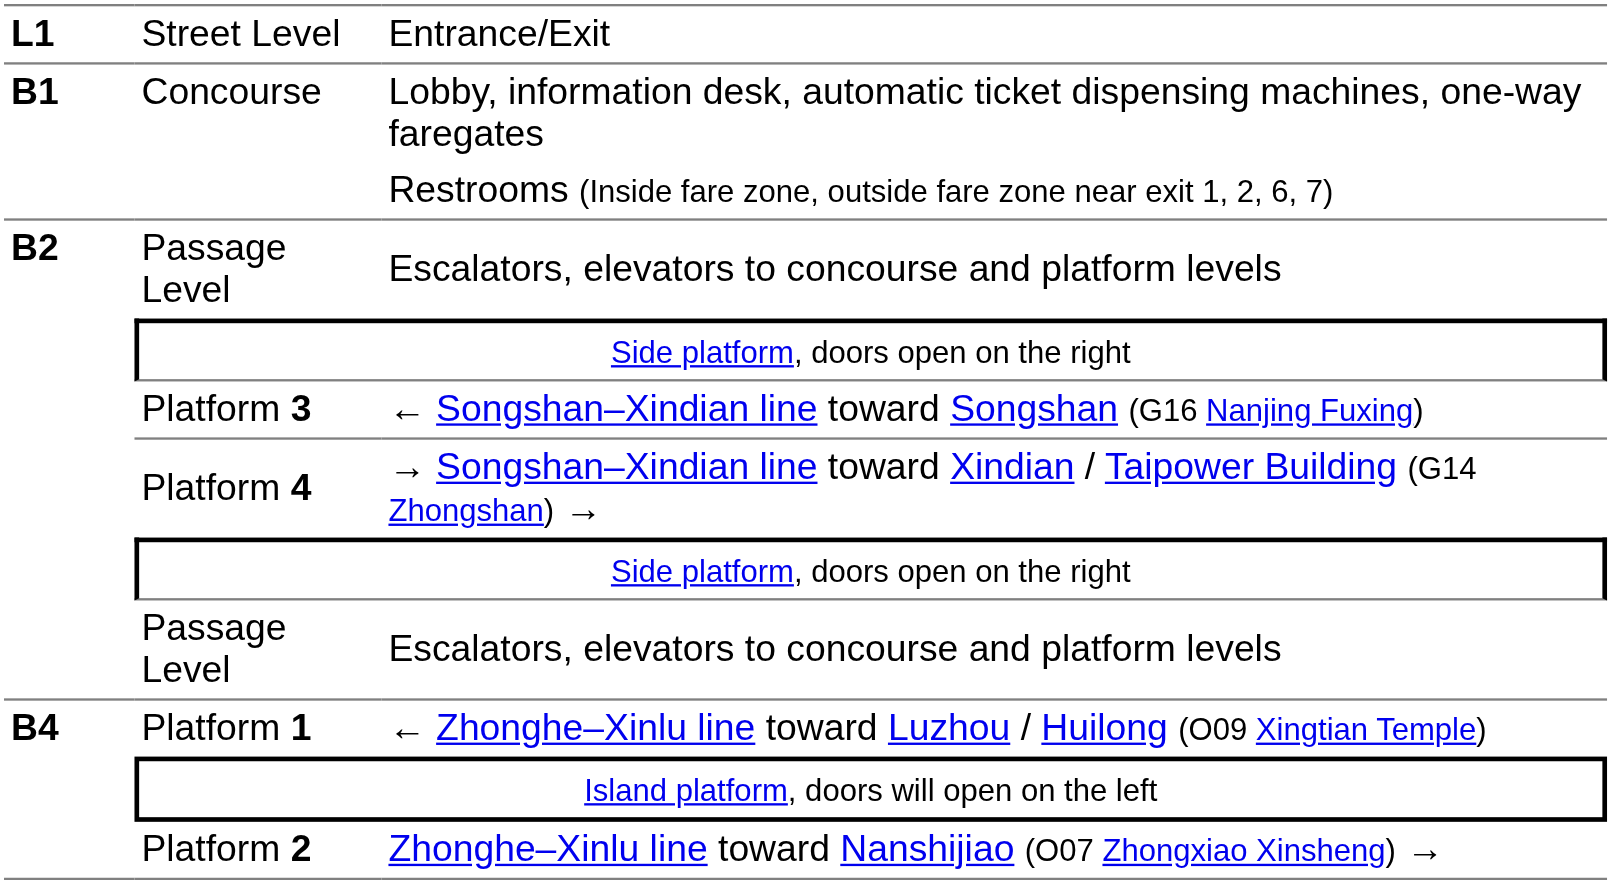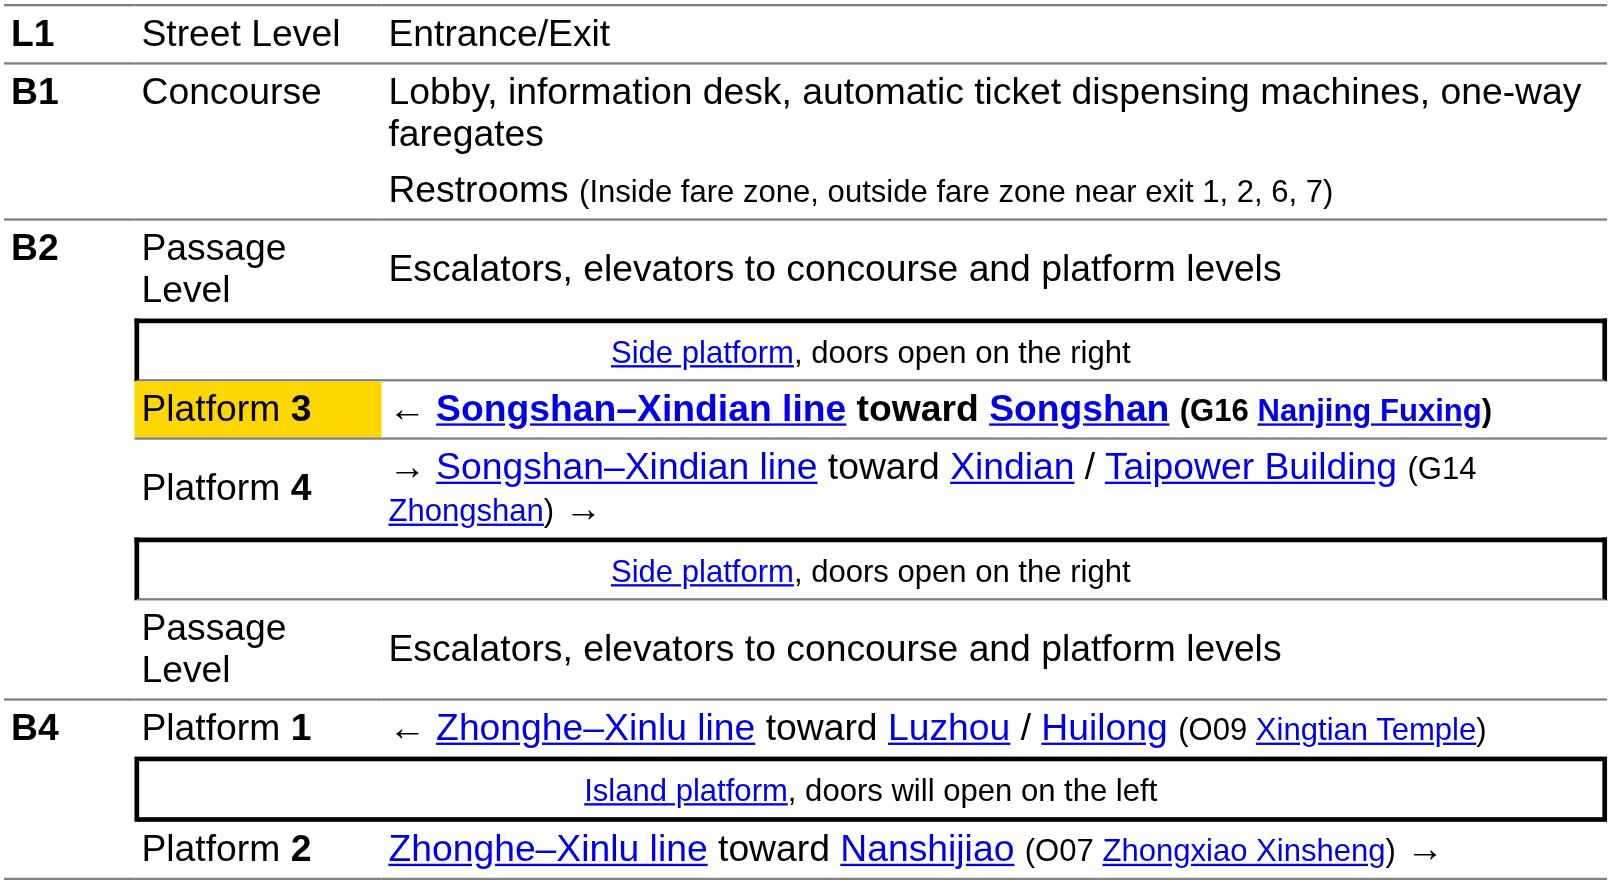 <table border=0 cellspacing=0 cellpadding=3>
 <tr>
 <td style="border-top:solid 1px gray;" width=50 valign=top><strong>L1</strong></td>
 <td style="border-top:solid 1px gray;" width=100 valign=top>Street Level</td>
 <td style="border-top:solid 1px gray;" width=520 valign=top>Entrance/Exit</td>
 </tr>
 <tr>
 <td style="border-bottom:solid 1px gray;border-top:solid 1px gray;" width=50 rowspan=2 valign=top><strong>B1</strong></td>
 <td style="border-top:solid 1px gray;border-bottom:solid 1px gray;" width=100 rowspan=2 valign=top>Concourse</td>
 <td style="border-top:solid 1px gray;" width=520 valign=top>Lobby, information desk, automatic ticket dispensing machines, one-way faregates</td>
 </tr>
 <tr>
 <td style="border-bottom:solid 1px gray;">Restrooms <small> (Inside fare zone, outside fare zone near exit 1, 2, 6, 7)</small></td>
 </tr>
 <tr>
 <td style="border-bottom:solid 1px gray;" width=50 rowspan=6 valign=top><strong>B2</strong></td>
 <td valign=top>Passage Level</td>
 <td>Escalators, elevators to concourse and platform levels</td>
 </tr>
 <tr>
 <td style="border-top:solid 2px black;border-right:solid 2px black;border-left:solid 2px black;border-bottom:solid 1px gray;text-align:center;" colspan=2><small><a href='#'>Side platform</a>, doors open on the right</small></td>
 </tr>
 <tr>
-<td>Platform <span><strong>3</strong></span></td>
-<td>←  <a href='#'>Songshan–Xindian line</a> toward <a href='#'>Songshan</a> <small>(G16 <a href='#'>Nanjing Fuxing</a>)</small></td>
+<td style="background: gold;">Platform <span><strong>3</strong></span></td>
+<td><strong>←  <a href='#'>Songshan–Xindian line</a> toward <a href='#'>Songshan</a> <small>(G16 <a href='#'>Nanjing Fuxing</a>)</small></strong></td>
 </tr>
 <tr>
 <td style="border-top:solid 1px gray;">Platform <span><strong>4</strong></span></td>
 <td style="border-top:solid 1px gray;"><span>→</span>  <a href='#'>Songshan–Xindian line</a> toward <a href='#'>Xindian</a> / <a href='#'>Taipower Building</a> <small>(G14 <a href='#'>Zhongshan</a>)</small> →</td>
 </tr>
 <tr>
 <td style="border-top:solid 2px black;border-right:solid 2px black;border-left:solid 2px black;border-bottom:solid 1px gray;text-align:center;" colspan=2><small><a href='#'>Side platform</a>, doors open on the right</small></td>
 </tr>
 <tr>
 <td style="border-bottom:solid 1px gray;" valign=top>Passage Level</td>
 <td style="border-bottom:solid 1px gray;">Escalators, elevators to concourse and platform levels</td>
 </tr>
 <tr>
 <td style="border-top:solid 0px gray;border-bottom:solid 1px gray;" width=50 rowspan=3 valign=top><strong>B4</strong></td>
 <td style="border-top:solid 0px gray;" width=100>Platform <span><strong>1</strong></span></td>
 <td style="border-top:solid 0px gray;" width=520>←  <a href='#'>Zhonghe–Xinlu line</a> toward <a href='#'>Luzhou</a> / <a href='#'>Huilong</a> <small>(O09 <a href='#'>Xingtian Temple</a>)</small></td>
 </tr>
 <tr>
 <td style="border-top:solid 2px black;border-right:solid 2px black;border-left:solid 2px black;border-bottom:solid 2px black;text-align:center;" colspan=2><small><a href='#'>Island platform</a>, doors will open on the left</small></td>
 </tr>
 <tr>
 <td style="border-bottom:solid 1px gray;">Platform <span><strong>2</strong></span></td>
 <td style="border-bottom:solid 1px gray;">  <a href='#'>Zhonghe–Xinlu line</a> toward <a href='#'>Nanshijiao</a> <small>(O07 <a href='#'>Zhongxiao Xinsheng</a>)</small> →</td>
 </tr>
 </table>
